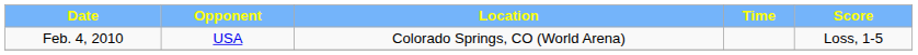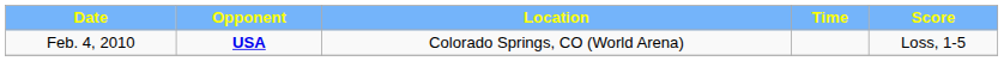 <table class="wikitable" width="80%">
 <tr align="center"  style="background:#74B4FA;color:yellow;">
 <td><strong>Date</strong></td>
 <td><strong>Opponent</strong></td>
 <td><strong>Location</strong></td>
 <td><strong>Time</strong></td>
 <td><strong>Score</strong></td>
 </tr>
 <tr align="center" bgcolor="">
 <td>Feb. 4, 2010</td>
-<td><a href='#'>USA</a></td>
+<td><strong><a href='#'>USA</a></strong></td>
 <td>Colorado Springs, CO (World Arena)</td>
 <td></td>
 <td>Loss, 1-5</td>
 </tr>
 <tr align="center" bgcolor="">
 </tr>
 </table>
